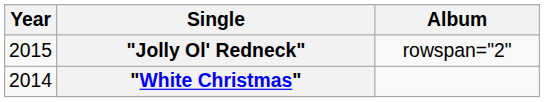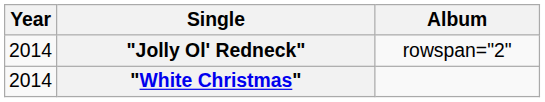 <table class="wikitable plainrowheaders" style="text-align:center;">
 <tr>
 <th style="width:2em;">Year</th>
 <th style="width:16em;">Single</th>
 <th style="width:8em;">Album</th>
 </tr>
 <tr>
-<td>2015</td>
+<td>2014</td>
 <th scope="row">"Jolly Ol' Redneck"</th>
 <td>rowspan="2" </td>
 </tr>
 <tr>
 <td>2014</td>
 <th scope="row">"<a href='#'>White Christmas</a>"</th>
 </tr>
 </table>
